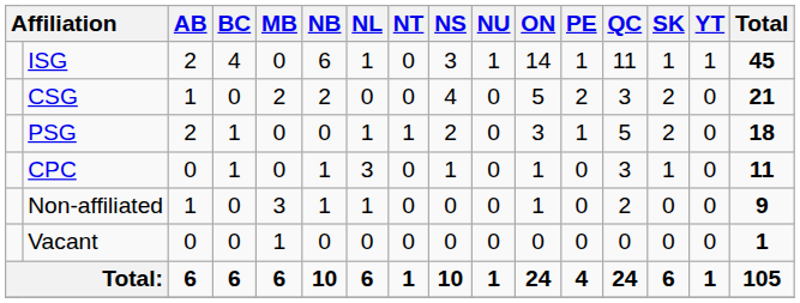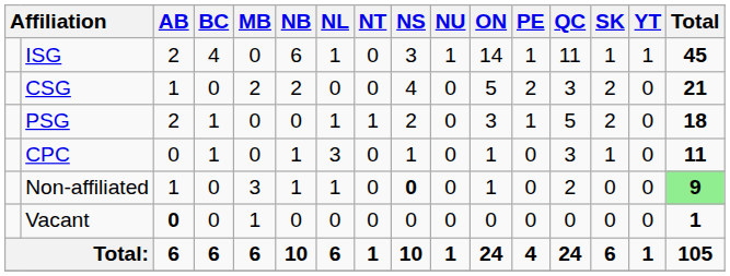 <table class="wikitable floatleft">
 <tr>
 <th colspan="2" style="text-align:left;">Affiliation</th>
 <th><a href='#'>AB</a></th>
 <th><a href='#'>BC</a></th>
 <th><a href='#'>MB</a></th>
 <th><a href='#'>NB</a></th>
 <th><a href='#'>NL</a></th>
 <th><a href='#'>NT</a></th>
 <th><a href='#'>NS</a></th>
 <th><a href='#'>NU</a></th>
 <th><a href='#'>ON</a></th>
 <th><a href='#'>PE</a></th>
 <th><a href='#'>QC</a></th>
 <th><a href='#'>SK</a></th>
 <th><a href='#'>YT</a></th>
 <th>Total</th>
 </tr>
 <tr>
 <td style="background:"> </td>
 <td style="text-align:left;"><a href='#'>ISG</a></td>
 <td style="text-align:center;">2</td>
 <td style="text-align:center;">4</td>
 <td style="text-align:center;">0</td>
 <td style="text-align:center;">6</td>
 <td style="text-align:center;">1</td>
 <td style="text-align:center;">0</td>
 <td style="text-align:center;">3</td>
 <td style="text-align:center;">1</td>
 <td style="text-align:center;">14</td>
 <td style="text-align:center;">1</td>
 <td style="text-align:center;">11</td>
 <td style="text-align:center;">1</td>
 <td style="text-align:center;">1</td>
 <td style="text-align:center;"><strong>45</strong></td>
 </tr>
 <tr>
 <td style="background:"> </td>
 <td style="text-align:left;"><a href='#'>CSG</a></td>
 <td style="text-align:center;">1</td>
 <td style="text-align:center;">0</td>
 <td style="text-align:center;">2</td>
 <td style="text-align:center;">2</td>
 <td style="text-align:center;">0</td>
 <td style="text-align:center;">0</td>
 <td style="text-align:center;">4</td>
 <td style="text-align:center;">0</td>
 <td style="text-align:center;">5</td>
 <td style="text-align:center;">2</td>
 <td style="text-align:center;">3</td>
 <td style="text-align:center;">2</td>
 <td style="text-align:center;">0</td>
 <td style="text-align:center;"><strong>21</strong></td>
 </tr>
 <tr>
 <td style="background:"> </td>
 <td style="text-align:left;"><a href='#'>PSG</a></td>
 <td style="text-align:center;">2</td>
 <td style="text-align:center;">1</td>
 <td style="text-align:center;">0</td>
 <td style="text-align:center;">0</td>
 <td style="text-align:center;">1</td>
 <td style="text-align:center;">1</td>
 <td style="text-align:center;">2</td>
 <td style="text-align:center;">0</td>
 <td style="text-align:center;">3</td>
 <td style="text-align:center;">1</td>
 <td style="text-align:center;">5</td>
 <td style="text-align:center;">2</td>
 <td style="text-align:center;">0</td>
 <td style="text-align:center;"><strong>18</strong></td>
 </tr>
 <tr>
 <td style="background:"> </td>
 <td style="text-align:left;"><a href='#'>CPC</a></td>
 <td style="text-align:center;">0</td>
 <td style="text-align:center;">1</td>
 <td style="text-align:center;">0</td>
 <td style="text-align:center;">1</td>
 <td style="text-align:center;">3</td>
 <td style="text-align:center;">0</td>
 <td style="text-align:center;">1</td>
 <td style="text-align:center;">0</td>
 <td style="text-align:center;">1</td>
 <td style="text-align:center;">0</td>
 <td style="text-align:center;">3</td>
 <td style="text-align:center;">1</td>
 <td style="text-align:center;">0</td>
 <td style="text-align:center;"><strong>11</strong></td>
 </tr>
 <tr>
 <td style="background:"> </td>
 <td style="text-align:left;">Non-affiliated</td>
 <td style="text-align:center;">1</td>
 <td style="text-align:center;">0</td>
 <td style="text-align:center;">3</td>
 <td style="text-align:center;">1</td>
 <td style="text-align:center;">1</td>
 <td style="text-align:center;">0</td>
-<td style="text-align:center;">0</td>
+<td style="text-align:center;"><strong>0</strong></td>
 <td style="text-align:center;">0</td>
 <td style="text-align:center;">1</td>
 <td style="text-align:center;">0</td>
 <td style="text-align:center;">2</td>
 <td style="text-align:center;">0</td>
 <td style="text-align:center;">0</td>
-<td style="text-align:center;"><strong>9</strong></td>
+<td style="background: lightgreen; text-align:center;"><strong>9</strong></td>
 </tr>
 <tr>
 <td style="background:"> </td>
 <td style="text-align:left;">Vacant</td>
-<td style="text-align:center;">0</td>
+<td style="text-align:center;"><strong>0</strong></td>
 <td style="text-align:center;">0</td>
 <td style="text-align:center;">1</td>
 <td style="text-align:center;">0</td>
 <td style="text-align:center;">0</td>
 <td style="text-align:center;">0</td>
 <td style="text-align:center;">0</td>
 <td style="text-align:center;">0</td>
 <td style="text-align:center;">0</td>
 <td style="text-align:center;">0</td>
 <td style="text-align:center;">0</td>
 <td style="text-align:center;">0</td>
 <td style="text-align:center;">0</td>
 <td style="text-align:center;"><strong>1</strong></td>
 </tr>
 <tr>
 <th colspan="2" style="text-align:right;"><strong>Total:</strong></th>
 <td style="text-align:center;"><strong>6</strong></td>
 <td style="text-align:center;"><strong>6</strong></td>
 <td style="text-align:center;"><strong>6</strong></td>
 <td style="text-align:center;"><strong>10</strong></td>
 <td style="text-align:center;"><strong>6</strong></td>
 <td style="text-align:center;"><strong>1</strong></td>
 <td style="text-align:center;"><strong>10</strong></td>
 <td style="text-align:center;"><strong>1</strong></td>
 <td style="text-align:center;"><strong>24</strong></td>
 <td style="text-align:center;"><strong>4</strong></td>
 <td style="text-align:center;"><strong>24</strong></td>
 <td style="text-align:center;"><strong>6</strong></td>
 <td style="text-align:center;"><strong>1</strong></td>
 <td style="text-align:center;"><strong>105</strong></td>
 </tr>
 <tr>
 </tr>
 </table>
